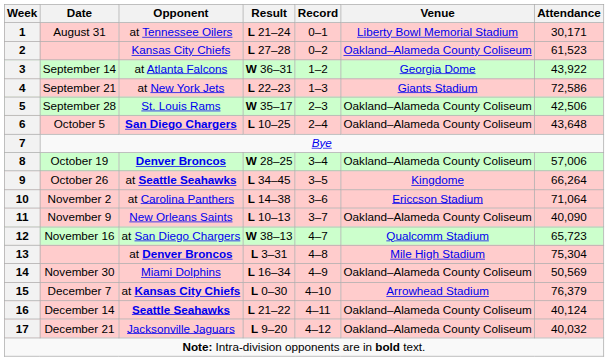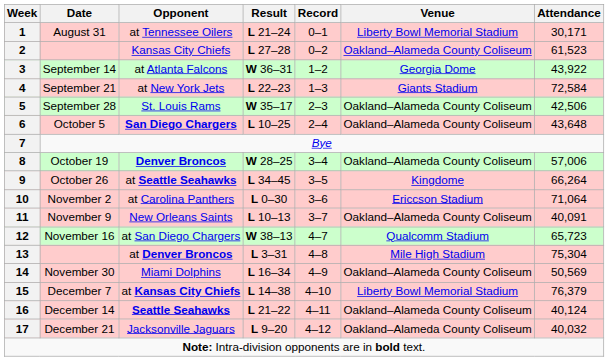 <table class="wikitable" style="text-align:center">
 <tr>
 <th>Week</th>
 <th>Date</th>
 <th>Opponent</th>
 <th>Result</th>
 <th>Record</th>
 <th>Venue</th>
 <th>Attendance</th>
 </tr>
 <tr style="background:#fcc">
 <th>1</th>
 <td>August 31</td>
 <td>at <a href='#'>Tennessee Oilers</a></td>
 <td><strong>L</strong> 21–24</td>
 <td>0–1</td>
 <td><a href='#'>Liberty Bowl Memorial Stadium</a></td>
 <td>30,171</td>
 </tr>
 <tr style="background:#fcc">
 <th>2</th>
 <td></td>
 <td><a href='#'>Kansas City Chiefs</a></td>
 <td><strong>L</strong> 27–28</td>
 <td>0–2</td>
 <td><a href='#'>Oakland–Alameda County Coliseum</a></td>
 <td>61,523</td>
 </tr>
 <tr style="background:#cfc">
 <th>3</th>
 <td>September 14</td>
 <td>at <a href='#'>Atlanta Falcons</a></td>
 <td><strong>W</strong> 36–31</td>
 <td>1–2</td>
 <td><a href='#'>Georgia Dome</a></td>
 <td>43,922</td>
 </tr>
 <tr style="background:#fcc">
 <th>4</th>
 <td>September 21</td>
 <td>at <a href='#'>New York Jets</a></td>
 <td><strong>L</strong> 22–23</td>
 <td>1–3</td>
 <td><a href='#'>Giants Stadium</a></td>
-<td>72,586</td>
+<td>72,584</td>
 </tr>
 <tr style="background:#cfc">
 <th>5</th>
 <td>September 28</td>
 <td><a href='#'>St. Louis Rams</a></td>
 <td><strong>W</strong> 35–17</td>
 <td>2–3</td>
 <td>Oakland–Alameda County Coliseum</td>
 <td>42,506</td>
 </tr>
 <tr style="background:#fcc">
 <th>6</th>
 <td>October 5</td>
 <td><strong><a href='#'>San Diego Chargers</a></strong></td>
 <td><strong>L</strong> 10–25</td>
 <td>2–4</td>
 <td>Oakland–Alameda County Coliseum</td>
 <td>43,648</td>
 </tr>
 <tr>
 <th>7</th>
 <td colspan="6"><em><a href='#'>Bye</a></em></td>
 </tr>
 <tr style="background:#cfc">
 <th>8</th>
 <td>October 19</td>
 <td><strong><a href='#'>Denver Broncos</a></strong></td>
 <td><strong>W</strong> 28–25</td>
 <td>3–4</td>
 <td>Oakland–Alameda County Coliseum</td>
 <td>57,006</td>
 </tr>
 <tr style="background:#fcc">
 <th>9</th>
 <td>October 26</td>
 <td>at <strong><a href='#'>Seattle Seahawks</a></strong></td>
 <td><strong>L</strong> 34–45</td>
 <td>3–5</td>
 <td><a href='#'>Kingdome</a></td>
 <td>66,264</td>
 </tr>
 <tr style="background:#fcc">
 <th>10</th>
 <td>November 2</td>
 <td>at <a href='#'>Carolina Panthers</a></td>
-<td><strong>L</strong> 14–38</td>
+<td><strong>L</strong> 0–30</td>
 <td>3–6</td>
 <td><a href='#'>Ericcson Stadium</a></td>
 <td>71,064</td>
 </tr>
 <tr style="background:#fcc">
 <th>11</th>
 <td>November 9</td>
 <td><a href='#'>New Orleans Saints</a></td>
 <td><strong>L</strong> 10–13</td>
 <td>3–7</td>
 <td>Oakland–Alameda County Coliseum</td>
-<td>40,090</td>
+<td>40,091</td>
 </tr>
 <tr style="background:#cfc">
 <th>12</th>
 <td>November 16</td>
 <td>at <a href='#'>San Diego Chargers</a></td>
 <td><strong>W</strong> 38–13</td>
 <td>4–7</td>
 <td><a href='#'>Qualcomm Stadium</a></td>
 <td>65,723</td>
 </tr>
 <tr style="background:#fcc">
 <th>13</th>
 <td></td>
 <td>at <strong><a href='#'>Denver Broncos</a></strong></td>
 <td><strong>L</strong> 3–31</td>
 <td>4–8</td>
 <td><a href='#'>Mile High Stadium</a></td>
 <td>75,304</td>
 </tr>
 <tr style="background:#fcc">
 <th>14</th>
 <td>November 30</td>
 <td><a href='#'>Miami Dolphins</a></td>
 <td><strong>L</strong> 16–34</td>
 <td>4–9</td>
 <td>Oakland–Alameda County Coliseum</td>
 <td>50,569</td>
 </tr>
 <tr style="background:#fcc">
 <th>15</th>
 <td>December 7</td>
 <td>at <strong><a href='#'>Kansas City Chiefs</a></strong></td>
-<td><strong>L</strong> 0–30</td>
+<td><strong>L</strong> 14–38</td>
 <td>4–10</td>
-<td><a href='#'>Arrowhead Stadium</a></td>
+<td><a href='#'>Liberty Bowl Memorial Stadium</a></td>
 <td>76,379</td>
 </tr>
 <tr style="background:#fcc">
 <th>16</th>
 <td>December 14</td>
 <td><strong><a href='#'>Seattle Seahawks</a></strong></td>
 <td><strong>L</strong> 21–22</td>
 <td>4–11</td>
 <td>Oakland–Alameda County Coliseum</td>
 <td>40,124</td>
 </tr>
 <tr style="background:#fcc">
 <th>17</th>
 <td>December 21</td>
 <td><a href='#'>Jacksonville Jaguars</a></td>
 <td><strong>L</strong> 9–20</td>
 <td>4–12</td>
 <td>Oakland–Alameda County Coliseum</td>
 <td>40,032</td>
 </tr>
 <tr>
 <td colspan="7"><strong>Note:</strong> Intra-division opponents are in <strong>bold</strong> text.</td>
 </tr>
 </table>
